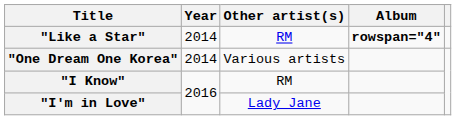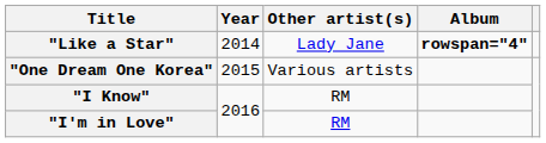 <table class="wikitable plainrowheaders" style="text-align:center;">
 <tr>
 <th scope="col">Title</th>
 <th scope="col">Year</th>
 <th scope="col">Other artist(s)</th>
 <th scope="col">Album</th>
 <th scope="col"></th>
 </tr>
 <tr>
 <th scope="row">"Like a Star"</th>
 <td>2014</td>
-<td><a href='#'>RM</a></td>
+<td><a href='#'>Lady Jane</a></td>
 <td><strong>rowspan="4" </strong></td>
 <td></td>
 </tr>
 <tr>
 <th scope="row">"One Dream One Korea"</th>
-<td>2014</td>
+<td>2015</td>
 <td>Various artists</td>
 <td></td>
 </tr>
 <tr>
 <th scope="row">"I Know"</th>
 <td rowspan="2">2016</td>
 <td>RM</td>
 <td></td>
 </tr>
 <tr>
 <th scope="row">"I'm in Love"</th>
-<td><a href='#'>Lady Jane</a></td>
+<td><a href='#'>RM</a></td>
 <td></td>
 </tr>
 </table>
